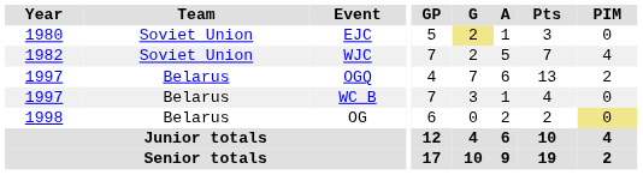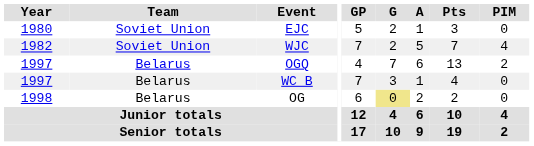 <table border="0" cellpadding="1" cellspacing="0" style="text-align:center; width:40em">
 <tr bgcolor="#e0e0e0">
 <th>Year</th>
 <th>Team</th>
 <th>Event</th>
 <th rowspan="99" bgcolor="#ffffff"></th>
 <th>GP</th>
 <th>G</th>
 <th>A</th>
 <th>Pts</th>
 <th>PIM</th>
 </tr>
 <tr>
 <td><a href='#'>1980</a></td>
 <td><a href='#'>Soviet Union</a></td>
 <td><a href='#'>EJC</a></td>
 <td>5</td>
-<td style="background: khaki;">2</td>
+<td>2</td>
 <td>1</td>
 <td>3</td>
 <td>0</td>
 </tr>
 <tr bgcolor="#f0f0f0">
 <td><a href='#'>1982</a></td>
 <td><a href='#'>Soviet Union</a></td>
 <td><a href='#'>WJC</a></td>
 <td>7</td>
 <td>2</td>
 <td>5</td>
 <td>7</td>
 <td>4</td>
 </tr>
 <tr>
 <td><a href='#'>1997</a></td>
 <td><a href='#'>Belarus</a></td>
 <td><a href='#'>OGQ</a></td>
 <td>4</td>
 <td>7</td>
 <td>6</td>
 <td>13</td>
 <td>2</td>
 </tr>
 <tr bgcolor="#f0f0f0">
 <td><a href='#'>1997</a></td>
 <td>Belarus</td>
 <td><a href='#'>WC B</a></td>
 <td>7</td>
 <td>3</td>
 <td>1</td>
 <td>4</td>
 <td>0</td>
 </tr>
 <tr>
 <td><a href='#'>1998</a></td>
 <td>Belarus</td>
 <td>OG</td>
 <td>6</td>
-<td>0</td>
+<td style="background: khaki;">0</td>
 <td>2</td>
 <td>2</td>
-<td style="background: khaki;">0</td>
+<td>0</td>
 </tr>
 <tr bgcolor="#e0e0e0">
 <th colspan="3">Junior totals</th>
 <th>12</th>
 <th>4</th>
 <th>6</th>
 <th>10</th>
 <th>4</th>
 </tr>
 <tr bgcolor="#e0e0e0">
 <th colspan="3">Senior totals</th>
 <th>17</th>
 <th>10</th>
 <th>9</th>
 <th>19</th>
 <th>2</th>
 </tr>
 </table>
